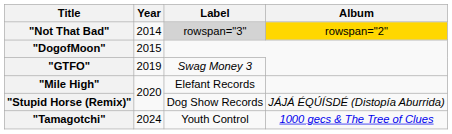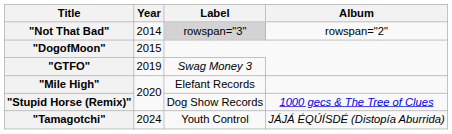 <table class="wikitable plainrowheaders" style="text-align:center">
 <tr>
 <th scope="col">Title</th>
 <th scope="col">Year</th>
 <th scope="col">Label</th>
 <th scope="col">Album</th>
 </tr>
 <tr>
 <th scope="row">"Not That Bad" </th>
 <td>2014</td>
 <td style="background: lightgrey;">rowspan="3" </td>
-<td style="background: gold;">rowspan="2" </td>
+<td>rowspan="2" </td>
 </tr>
 <tr>
 <th scope="row">"DogofMoon" </th>
 <td>2015</td>
 </tr>
 <tr>
 <th scope="row">"GTFO" </th>
 <td>2019</td>
 <td><em>Swag Money 3</em></td>
 </tr>
 <tr>
 <th scope="row">"Mile High" </th>
 <td rowspan="2">2020</td>
 <td>Elefant Records</td>
 <td></td>
 </tr>
 <tr>
 <th scope="row">"Stupid Horse (Remix)" </th>
 <td>Dog Show Records</td>
-<td><em>JÁJÁ ÉQÚÍSDÉ (Distopía Aburrida)</em></td>
+<td><em><a href='#'>1000 gecs & The Tree of Clues</a></em></td>
 </tr>
 <tr>
 <th scope="row">"Tamagotchi" </th>
 <td>2024</td>
 <td>Youth Control</td>
-<td><em><a href='#'>1000 gecs & The Tree of Clues</a></em></td>
+<td><em>JÁJÁ ÉQÚÍSDÉ (Distopía Aburrida)</em></td>
 </tr>
 </table>
